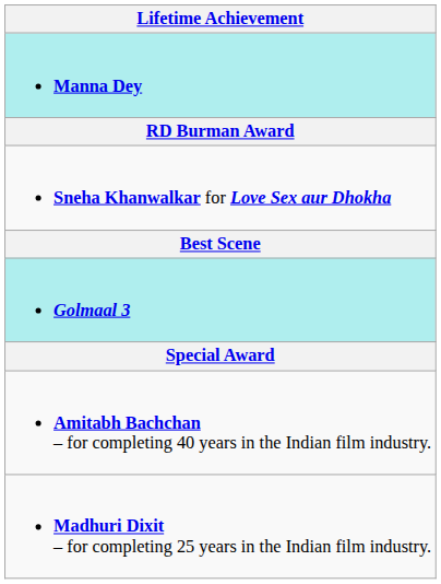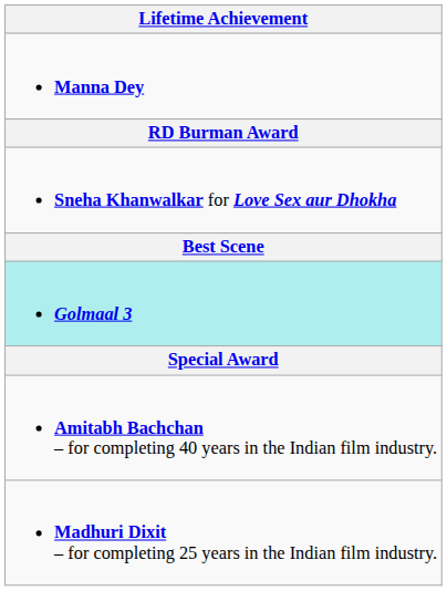 <table class="wikitable">
 <tr>
 <th><a href='#'>Lifetime Achievement</a></th>
 </tr>
 <tr>
-<td style="background: paleturquoise;"><br><ul><li><strong><a href='#'>Manna Dey</a></strong></li></ul></td>
+<td><br><ul><li><strong><a href='#'>Manna Dey</a></strong></li></ul></td>
 </tr>
 <tr>
 <th><a href='#'>RD Burman Award</a></th>
 </tr>
 <tr>
 <td><br><ul><li><strong><a href='#'>Sneha Khanwalkar</a></strong> for <strong><em><a href='#'>Love Sex aur Dhokha</a></em></strong></li></ul></td>
 </tr>
 <tr>
 <th><a href='#'>Best Scene</a></th>
 </tr>
 <tr>
 <td style="background: paleturquoise;"><br><ul><li><strong><em><a href='#'>Golmaal 3</a></em></strong></li></ul></td>
 </tr>
 <tr>
 <th><a href='#'>Special Award</a></th>
 </tr>
 <tr>
 <td><br><ul><li><strong><a href='#'>Amitabh Bachchan</a></strong><br> – for completing 40 years in the Indian film industry.</li></ul></td>
 </tr>
 <tr>
 <td><br><ul><li><strong><a href='#'>Madhuri Dixit</a></strong><br> – for completing 25 years in the Indian film industry.</li></ul></td>
 </tr>
 </table>
